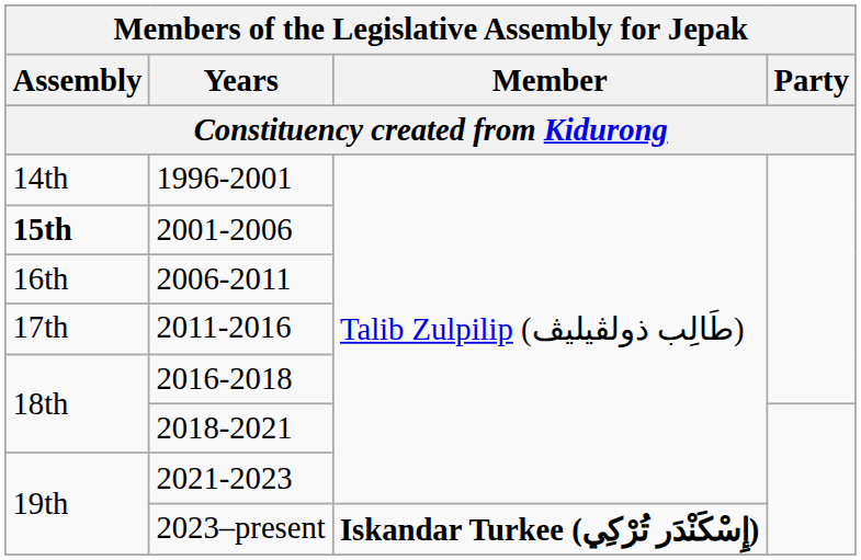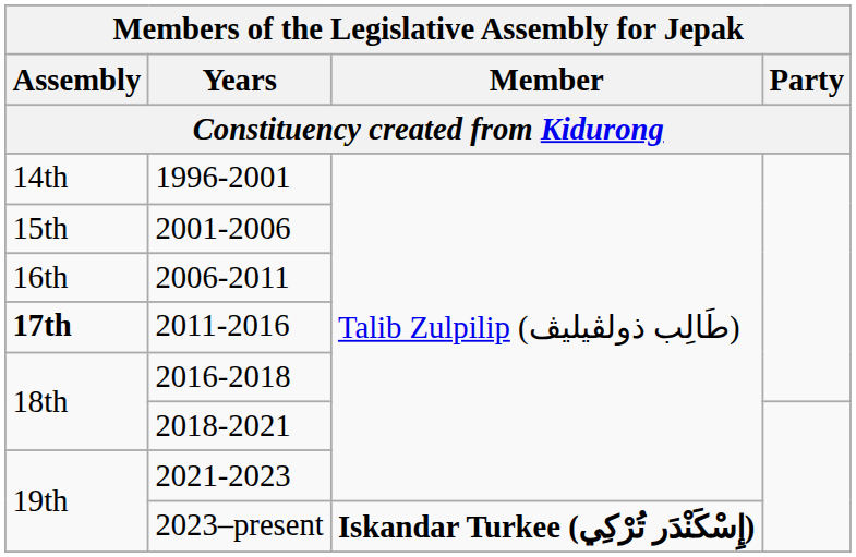 <table class=wikitable>
 <tr>
 <th colspan="4">Members of the Legislative Assembly for Jepak</th>
 </tr>
 <tr>
 <th>Assembly</th>
 <th>Years</th>
 <th>Member</th>
 <th>Party</th>
 </tr>
 <tr>
 <th colspan=4 align=center><em>Constituency created from <a href='#'>Kidurong</a></em></th>
 </tr>
 <tr>
 <td>14th</td>
 <td>1996-2001</td>
 <td rowspan="7"><a href='#'>Talib Zulpilip</a> (طَالِب ذولڤيليڤ)</td>
 <td rowspan=5></td>
 </tr>
 <tr>
-<td><strong>15th</strong></td>
+<td>15th</td>
 <td>2001-2006</td>
 </tr>
 <tr>
 <td>16th</td>
 <td>2006-2011</td>
 </tr>
 <tr>
-<td>17th</td>
+<td><strong>17th</strong></td>
 <td>2011-2016</td>
 </tr>
 <tr>
 <td rowspan="2">18th</td>
 <td>2016-2018</td>
 </tr>
 <tr>
 <td>2018-2021</td>
 <td rowspan=3></td>
 </tr>
 <tr>
 <td rowspan="2">19th</td>
 <td>2021-2023</td>
 </tr>
 <tr>
 <td>2023–present</td>
 <td><strong>Iskandar Turkee (إِسْكَنْدَر تُرْكِي)</strong></td>
 </tr>
 </table>
